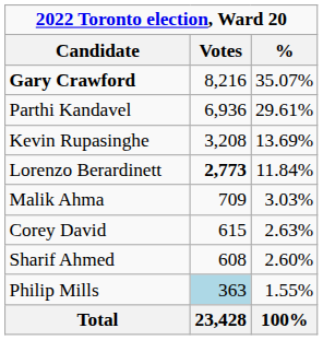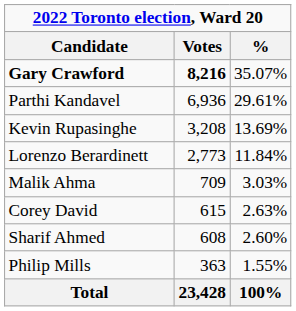 <table class="wikitable" style="margin-bottom:0;">
 <tr>
 <td Colspan="3" align="center"><strong><a href='#'>2022 Toronto election</a>, Ward 20</strong></td>
 </tr>
 <tr>
 <th bgcolor="#DDDDFF" width="150px">Candidate</th>
 <th bgcolor="#DDDDFF">Votes</th>
 <th bgcolor="#DDDDFF">%</th>
 </tr>
 <tr>
 <td><strong>Gary Crawford </strong></td>
-<td align=right>8,216</td>
+<td align=right><strong>8,216</strong></td>
 <td align=right>35.07%</td>
 </tr>
 <tr>
 <td>Parthi Kandavel</td>
 <td align=right>6,936</td>
 <td align=right>29.61%</td>
 </tr>
 <tr>
 <td>Kevin Rupasinghe</td>
 <td align=right>3,208</td>
 <td align=right>13.69%</td>
 </tr>
 <tr>
 <td>Lorenzo Berardinett</td>
-<td align=right><strong>2,773</strong></td>
+<td align=right>2,773</td>
 <td align=right>11.84%</td>
 </tr>
 <tr>
 <td>Malik Ahma</td>
 <td align=right>709</td>
 <td align=right>3.03%</td>
 </tr>
 <tr>
 <td>Corey David</td>
 <td align=right>615</td>
 <td align=right>2.63%</td>
 </tr>
 <tr>
 <td>Sharif Ahmed</td>
 <td align=right>608</td>
 <td align=right>2.60%</td>
 </tr>
 <tr>
 <td>Philip Mills</td>
-<td align=right style="background: lightblue;">363</td>
+<td align=right>363</td>
 <td align=right>1.55%</td>
 </tr>
 <tr>
 <th>Total</th>
 <th align=right>23,428</th>
 <th align=right>100%</th>
 </tr>
 </table>
